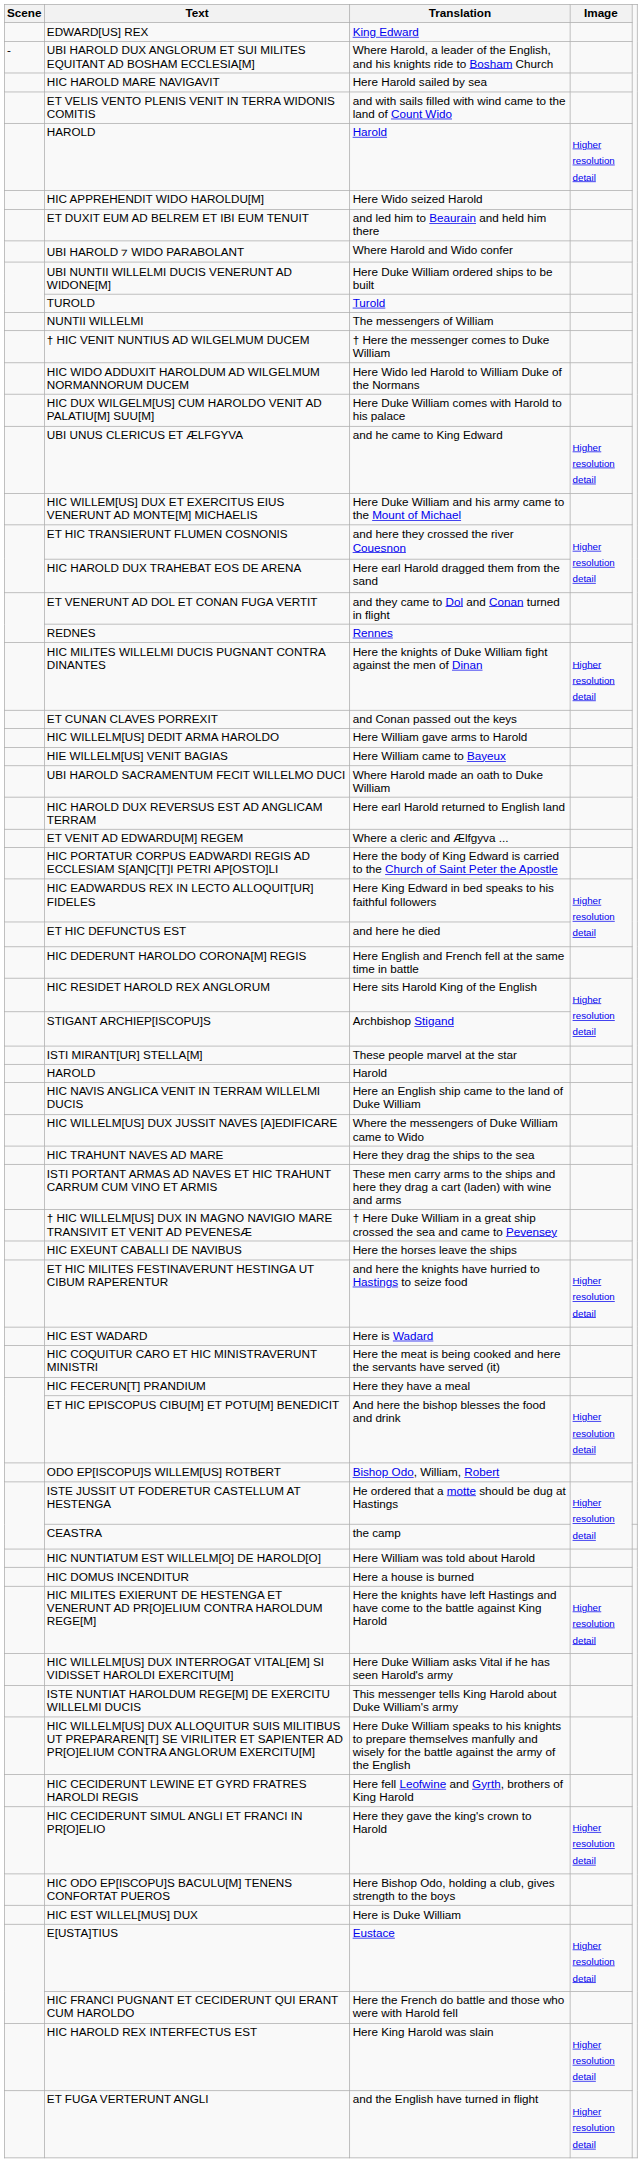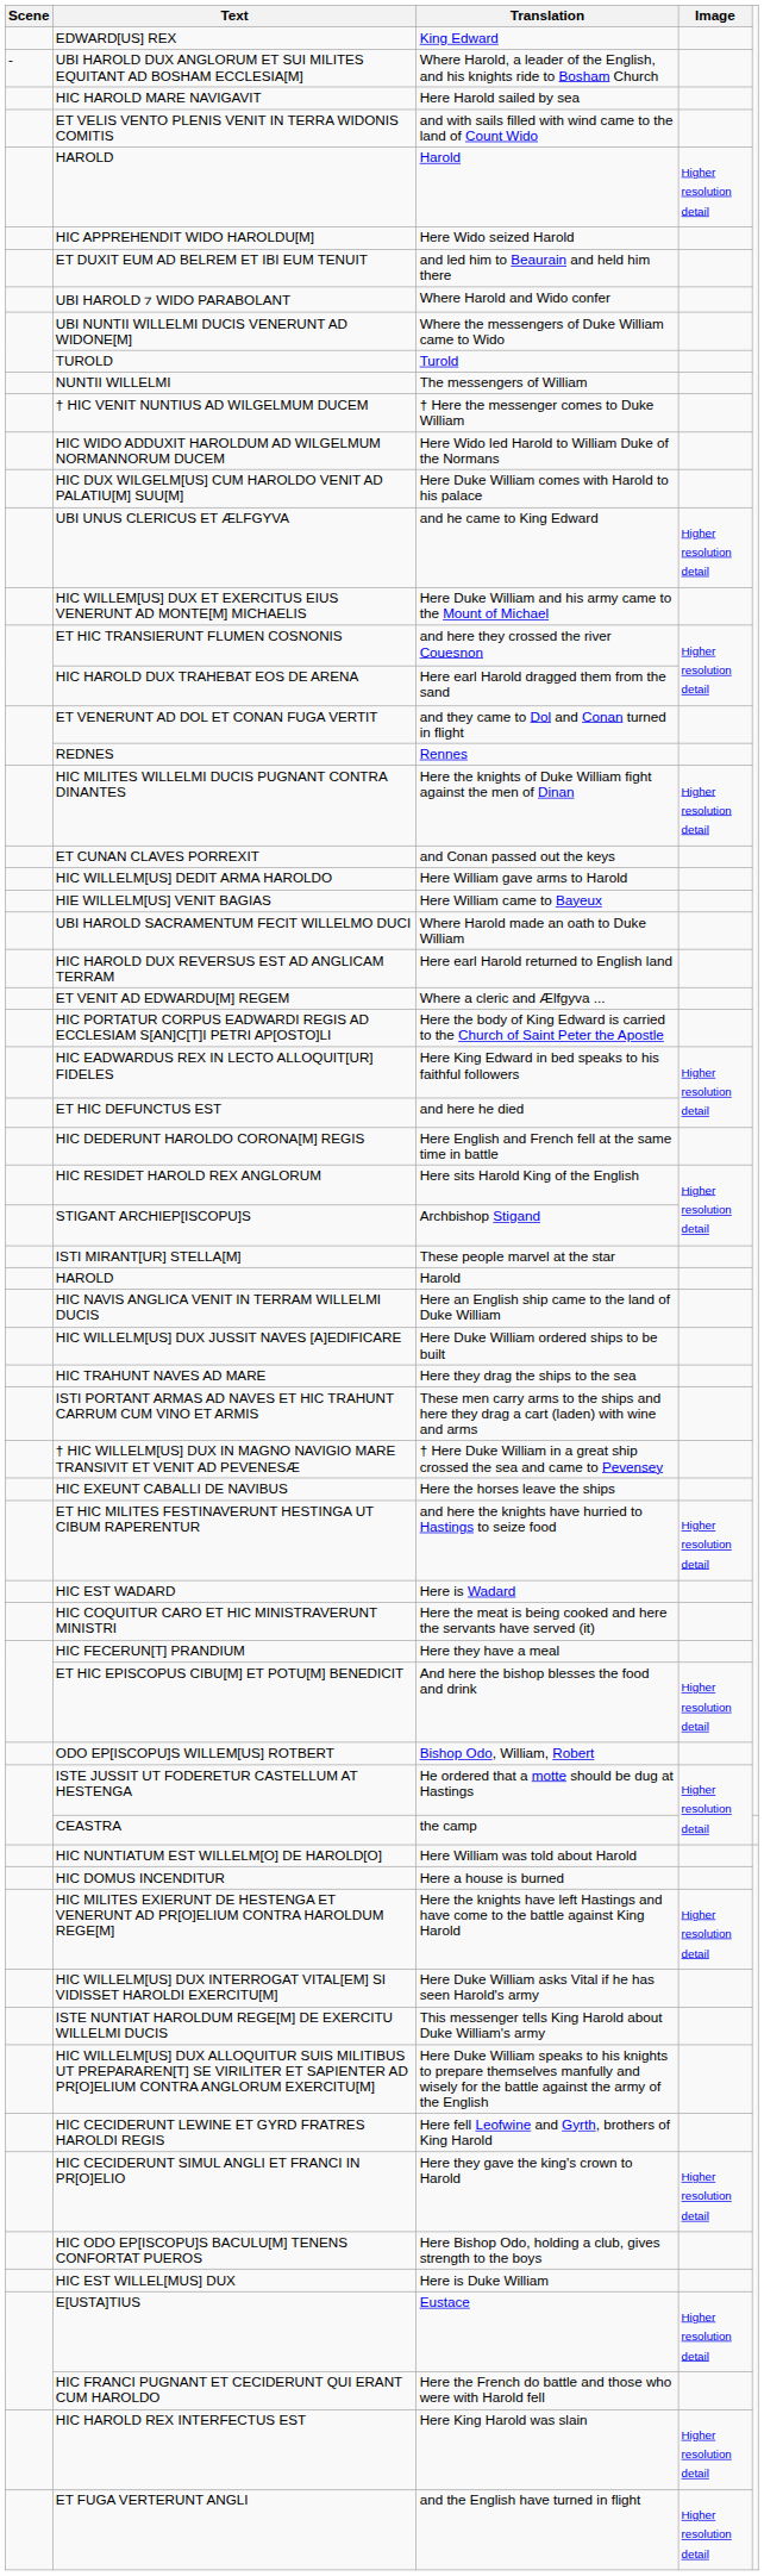 <table class="wikitable">
 <tr>
 <th>Scene</th>
 <th>Text</th>
 <th>Translation</th>
 <th>Image</th>
 </tr>
 <tr valign="top">
 <td></td>
 <td>EDWARD[US] REX</td>
 <td><a href='#'>King Edward</a></td>
 <td></td>
 </tr>
 <tr valign="top">
 <td>-</td>
 <td>UBI HAROLD DUX ANGLORUM ET SUI MILITES EQUITANT AD BOSHAM ECCLESIA[M]</td>
 <td>Where Harold, a leader of the English, and his knights ride to <a href='#'>Bosham</a> Church</td>
 <td></td>
 </tr>
 <tr valign="top">
 <td></td>
 <td>HIC HAROLD MARE NAVIGAVIT</td>
 <td>Here Harold sailed by sea</td>
 <td></td>
 </tr>
 <tr valign="top">
 <td></td>
 <td>ET VELIS VENTO PLENIS VENIT IN TERRA WIDONIS COMITIS</td>
 <td>and with sails filled with wind came to the land of <a href='#'>Count Wido</a></td>
 <td></td>
 </tr>
 <tr valign="top">
 <td></td>
 <td>HAROLD</td>
 <td><a href='#'>Harold</a></td>
 <td><br><sup><a href='#'>Higher resolution detail</a></sup></td>
 </tr>
 <tr valign="top">
 <td></td>
 <td>HIC APPREHENDIT WIDO HAROLDU[M]</td>
 <td>Here Wido seized Harold</td>
 <td></td>
 </tr>
 <tr valign="top">
 <td></td>
 <td>ET DUXIT EUM AD BELREM ET IBI EUM TENUIT</td>
 <td>and led him to <a href='#'>Beaurain</a> and held him there</td>
 <td></td>
 </tr>
 <tr valign="top">
 <td></td>
 <td>UBI HAROLD ⁊ WIDO PARABOLANT</td>
 <td>Where Harold and Wido confer</td>
 <td></td>
 </tr>
 <tr valign="top">
 <td rowspan=2></td>
 <td>UBI NUNTII WILLELMI DUCIS VENERUNT AD WIDONE[M]</td>
-<td>Here Duke William ordered ships to be built</td>
+<td>Where the messengers of Duke William came to Wido</td>
 <td></td>
 </tr>
 <tr valign="top">
 <td>TUROLD</td>
 <td><a href='#'>Turold</a></td>
 <td></td>
 </tr>
 <tr valign="top">
 <td></td>
 <td>NUNTII WILLELMI</td>
 <td>The messengers of William</td>
 <td></td>
 </tr>
 <tr valign="top">
 <td></td>
 <td>† HIC VENIT NUNTIUS AD WILGELMUM DUCEM</td>
 <td>† Here the messenger comes to Duke William</td>
 <td></td>
 </tr>
 <tr valign="top">
 <td></td>
 <td>HIC WIDO ADDUXIT HAROLDUM AD WILGELMUM NORMANNORUM DUCEM</td>
 <td>Here Wido led Harold to William Duke of the Normans</td>
 <td></td>
 </tr>
 <tr valign="top">
 <td></td>
 <td>HIC DUX WILGELM[US] CUM HAROLDO VENIT AD PALATIU[M] SUU[M]</td>
 <td>Here Duke William comes with Harold to his palace</td>
 <td></td>
 </tr>
 <tr valign="top">
 <td></td>
 <td>UBI UNUS CLERICUS ET ÆLFGYVA</td>
 <td>and he came to King Edward</td>
 <td><br><sup><a href='#'>Higher resolution detail</a></sup></td>
 </tr>
 <tr valign="top">
 <td></td>
 <td>HIC WILLEM[US] DUX ET EXERCITUS EIUS VENERUNT AD MONTE[M] MICHAELIS</td>
 <td>Here Duke William and his army came to the <a href='#'>Mount of Michael</a></td>
 <td></td>
 </tr>
 <tr valign="top">
 <td rowspan=2></td>
 <td>ET HIC TRANSIERUNT FLUMEN COSNONIS</td>
 <td>and here they crossed the river <a href='#'>Couesnon</a></td>
 <td rowspan=2><br><sup><a href='#'>Higher resolution detail</a></sup></td>
 </tr>
 <tr valign="top">
 <td>HIC HAROLD DUX TRAHEBAT EOS DE ARENA</td>
 <td>Here earl Harold dragged them from the sand</td>
 </tr>
 <tr valign="top">
 <td rowspan=2></td>
 <td>ET VENERUNT AD DOL ET CONAN FUGA VERTIT</td>
 <td>and they came to <a href='#'>Dol</a> and <a href='#'>Conan</a> turned in flight</td>
 <td></td>
 </tr>
 <tr valign="top">
 <td>REDNES</td>
 <td><a href='#'>Rennes</a></td>
 <td></td>
 </tr>
 <tr valign="top">
 <td></td>
 <td>HIC MILITES WILLELMI DUCIS PUGNANT CONTRA DINANTES</td>
 <td>Here the knights of Duke William fight against the men of <a href='#'>Dinan</a></td>
 <td><br><sup><a href='#'>Higher resolution detail</a></sup></td>
 </tr>
 <tr valign="top">
 <td></td>
 <td>ET CUNAN CLAVES PORREXIT</td>
 <td>and Conan passed out the keys</td>
 <td></td>
 </tr>
 <tr valign="top">
 <td></td>
 <td>HIC WILLELM[US] DEDIT ARMA HAROLDO</td>
 <td>Here William gave arms to Harold</td>
 <td></td>
 </tr>
 <tr valign="top">
 <td></td>
 <td>HIE  WILLELM[US] VENIT BAGIAS</td>
 <td>Here William came to <a href='#'>Bayeux</a></td>
 <td></td>
 </tr>
 <tr valign="top">
 <td></td>
 <td>UBI HAROLD SACRAMENTUM FECIT WILLELMO DUCI</td>
 <td>Where Harold made an oath to Duke William</td>
 <td></td>
 </tr>
 <tr valign="top">
 <td></td>
 <td>HIC HAROLD DUX REVERSUS EST AD ANGLICAM TERRAM</td>
 <td>Here earl Harold returned to English land</td>
 <td></td>
 </tr>
 <tr valign="top">
 <td></td>
 <td>ET VENIT AD EDWARDU[M] REGEM</td>
 <td>Where a cleric and Ælfgyva ... </td>
 <td></td>
 </tr>
 <tr valign="top">
 <td></td>
 <td>HIC PORTATUR CORPUS EADWARDI REGIS AD ECCLESIAM S[AN]C[T]I PETRI AP[OSTO]LI</td>
 <td>Here the body of King Edward is carried to the <a href='#'>Church of Saint Peter the Apostle</a></td>
 <td></td>
 </tr>
 <tr valign="top">
 <td></td>
 <td>HIC EADWARDUS REX IN LECTO ALLOQUIT[UR] FIDELES</td>
 <td>Here King Edward in bed speaks to his faithful followers</td>
 <td rowspan=2><br><sup><a href='#'>Higher resolution detail</a></sup></td>
 </tr>
 <tr valign="top">
 <td></td>
 <td>ET HIC DEFUNCTUS EST</td>
 <td>and here he died</td>
 </tr>
 <tr valign="top">
 <td></td>
 <td>HIC DEDERUNT HAROLDO CORONA[M] REGIS</td>
 <td>Here English and French fell at the same time in battle</td>
 <td></td>
 </tr>
 <tr valign="top">
 <td></td>
 <td>HIC RESIDET HAROLD REX ANGLORUM</td>
 <td>Here sits Harold King of the English</td>
 <td rowspan=2><br><sup><a href='#'>Higher resolution detail</a></sup></td>
 </tr>
 <tr valign="top">
 <td></td>
 <td>STIGANT ARCHIEP[ISCOPU]S</td>
 <td>Archbishop <a href='#'>Stigand</a></td>
 </tr>
 <tr valign="top">
 <td></td>
 <td>ISTI MIRANT[UR] STELLA[M]</td>
 <td>These people marvel at the star</td>
 <td></td>
 </tr>
 <tr valign="top">
 <td></td>
 <td>HAROLD</td>
 <td>Harold</td>
 <td></td>
 </tr>
 <tr valign="top">
 <td></td>
 <td>HIC NAVIS ANGLICA VENIT IN TERRAM WILLELMI DUCIS</td>
 <td>Here an English ship came to the land of Duke William</td>
 <td></td>
 </tr>
 <tr valign="top">
 <td></td>
 <td>HIC WILLELM[US] DUX JUSSIT NAVES [A]EDIFICARE</td>
-<td>Where the messengers of Duke William came to Wido</td>
+<td>Here Duke William ordered ships to be built</td>
 <td></td>
 </tr>
 <tr valign="top">
 <td></td>
 <td>HIC TRAHUNT NAVES AD MARE</td>
 <td>Here they drag the ships  to the sea</td>
 <td></td>
 </tr>
 <tr valign="top">
 <td></td>
 <td>ISTI PORTANT ARMAS AD NAVES ET HIC TRAHUNT CARRUM CUM VINO ET ARMIS</td>
 <td>These men carry arms to the ships and here they  drag a cart (laden) with wine and arms</td>
 <td></td>
 </tr>
 <tr valign="top">
 <td></td>
 <td>† HIC WILLELM[US] DUX IN MAGNO NAVIGIO MARE TRANSIVIT ET VENIT AD PEVENESÆ</td>
 <td>† Here Duke William in a great ship crossed the sea and came to <a href='#'>Pevensey</a></td>
 <td></td>
 </tr>
 <tr valign="top">
 <td></td>
 <td>HIC EXEUNT CABALLI DE NAVIBUS</td>
 <td>Here  the horses leave the ships</td>
 <td></td>
 </tr>
 <tr valign="top">
 <td></td>
 <td>ET HIC MILITES FESTINAVERUNT HESTINGA UT CIBUM RAPERENTUR</td>
 <td>and here the knights have hurried to <a href='#'>Hastings</a> to seize food</td>
 <td><br><sup><a href='#'>Higher resolution detail</a></sup></td>
 </tr>
 <tr valign="top">
 <td></td>
 <td>HIC EST WADARD</td>
 <td>Here is <a href='#'>Wadard</a></td>
 <td></td>
 </tr>
 <tr valign="top">
 <td></td>
 <td>HIC COQUITUR CARO ET HIC MINISTRAVERUNT MINISTRI</td>
 <td>Here the meat is being cooked and here the servants have served (it)</td>
 <td></td>
 </tr>
 <tr valign="top">
 <td rowspan=2></td>
 <td>HIC FECERUN[T] PRANDIUM</td>
 <td>Here they have a meal</td>
 <td></td>
 </tr>
 <tr valign="top">
 <td>ET HIC EPISCOPUS CIBU[M] ET POTU[M] BENEDICIT</td>
 <td>And here the bishop blesses the food and drink</td>
 <td><br><sup><a href='#'>Higher resolution detail</a></sup></td>
 </tr>
 <tr valign="top">
 <td></td>
 <td>ODO EP[ISCOPU]S WILLEM[US] ROTBERT</td>
 <td><a href='#'>Bishop Odo</a>, William, <a href='#'>Robert</a></td>
 <td></td>
 </tr>
 <tr valign="top">
 <td rowspan=2></td>
 <td>ISTE JUSSIT UT FODERETUR CASTELLUM AT HESTENGA</td>
 <td>He ordered that a <a href='#'>motte</a>  should be dug at Hastings</td>
 <td rowspan=2><br><sup><a href='#'>Higher resolution detail</a></sup></td>
 </tr>
 <tr valign="top">
 <td>CEASTRA</td>
 <td>the camp</td>
 <td></td>
 </tr>
 <tr valign="top">
 <td></td>
 <td>HIC NUNTIATUM EST WILLELM[O] DE HAROLD[O]</td>
 <td>Here William was told about Harold</td>
 <td></td>
 </tr>
 <tr valign="top">
 <td></td>
 <td>HIC DOMUS INCENDITUR</td>
 <td>Here a house is burned</td>
 <td></td>
 </tr>
 <tr valign="top">
 <td></td>
 <td>HIC MILITES EXIERUNT DE HESTENGA ET VENERUNT AD PR[O]ELIUM CONTRA HAROLDUM REGE[M]</td>
 <td>Here the knights have left Hastings and have come to the battle against King Harold</td>
 <td><br><sup><a href='#'>Higher resolution detail</a></sup></td>
 </tr>
 <tr valign="top">
 <td></td>
 <td>HIC WILLELM[US] DUX INTERROGAT VITAL[EM] SI VIDISSET HAROLDI EXERCITU[M]</td>
 <td>Here Duke William asks Vital if he has seen Harold's army</td>
 <td></td>
 </tr>
 <tr valign="top">
 <td></td>
 <td>ISTE NUNTIAT HAROLDUM REGE[M] DE EXERCITU WILLELMI DUCIS</td>
 <td>This messenger tells King Harold about Duke William's army</td>
 <td></td>
 </tr>
 <tr valign="top">
 <td></td>
 <td>HIC WILLELM[US] DUX ALLOQUITUR SUIS MILITIBUS UT PREPARAREN[T] SE VIRILITER ET SAPIENTER AD PR[O]ELIUM CONTRA ANGLORUM EXERCITU[M]</td>
 <td>Here Duke William speaks to his knights to prepare themselves manfully and wisely for the battle against the  army of the English</td>
 <td><br> </td>
 </tr>
 <tr valign="top">
 <td></td>
 <td>HIC CECIDERUNT LEWINE ET GYRD FRATRES HAROLDI REGIS</td>
 <td>Here fell <a href='#'>Leofwine</a> and <a href='#'>Gyrth</a>, brothers of King Harold</td>
 <td><br> </td>
 </tr>
 <tr valign="top">
 <td></td>
 <td>HIC CECIDERUNT SIMUL ANGLI ET FRANCI IN PR[O]ELIO</td>
 <td>Here they gave the king's crown to Harold</td>
 <td><br><sup><a href='#'>Higher resolution detail</a></sup></td>
 </tr>
 <tr valign="top">
 <td></td>
 <td>HIC ODO EP[ISCOPU]S BACULU[M] TENENS CONFORTAT PUEROS</td>
 <td>Here Bishop Odo, holding a club, gives strength to the boys</td>
 <td></td>
 </tr>
 <tr valign="top">
 <td></td>
 <td>HIC EST WILLEL[MUS] DUX</td>
 <td>Here is Duke William</td>
 <td></td>
 </tr>
 <tr valign="top">
 <td rowspan=2></td>
 <td>E[USTA]TIUS</td>
 <td><a href='#'>Eustace</a></td>
 <td><br><sup><a href='#'>Higher resolution detail</a></sup></td>
 </tr>
 <tr valign="top">
 <td>HIC FRANCI PUGNANT ET CECIDERUNT QUI ERANT CUM HAROLDO</td>
 <td>Here the French do battle and those who were with Harold fell</td>
 <td></td>
 </tr>
 <tr valign="top">
 <td></td>
 <td>HIC HAROLD REX INTERFECTUS EST</td>
 <td>Here King Harold was slain</td>
 <td><br><sup><a href='#'>Higher resolution detail</a></sup></td>
 </tr>
 <tr valign="top">
 <td></td>
 <td>ET FUGA VERTERUNT ANGLI</td>
 <td>and the English have turned in flight</td>
 <td><br><sup><a href='#'>Higher resolution detail</a></sup></td>
 </tr>
 </table>
